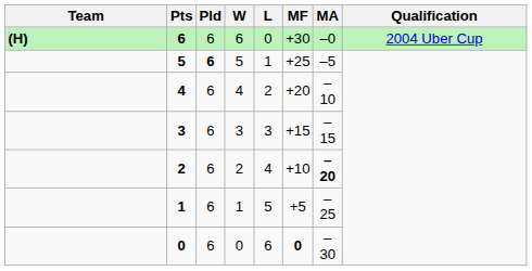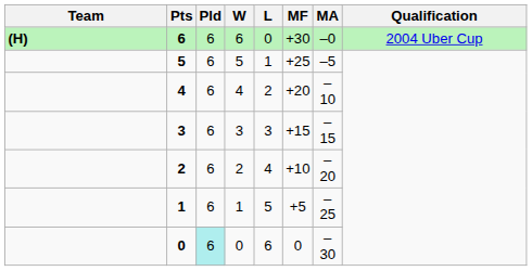 <table class="wikitable" style="text-align:center">
 <tr>
 <th width="175">Team</th>
 <th width="25">Pts</th>
 <th width="25">Pld</th>
 <th width="25">W</th>
 <th width="25">L</th>
 <th width="25">MF</th>
 <th width="25">MA</th>
 <th width="200">Qualification</th>
 </tr>
 <tr bgcolor="#bbf3bb">
 <td style="text-align:left"> <strong>(H)</strong></td>
 <td><strong>6</strong></td>
 <td>6</td>
 <td>6</td>
 <td>0</td>
 <td>+30</td>
 <td>–0</td>
 <td><a href='#'>2004 Uber Cup</a></td>
 </tr>
 <tr>
 <td style="text-align:left"></td>
 <td><strong>5</strong></td>
-<td><strong>6</strong></td>
+<td>6</td>
 <td>5</td>
 <td>1</td>
 <td>+25</td>
 <td>–5</td>
 </tr>
 <tr>
 <td style="text-align:left"></td>
 <td><strong>4</strong></td>
 <td>6</td>
 <td>4</td>
 <td>2</td>
 <td>+20</td>
 <td>–10</td>
 </tr>
 <tr>
 <td style="text-align:left"></td>
 <td><strong>3</strong></td>
 <td>6</td>
 <td>3</td>
 <td>3</td>
 <td>+15</td>
 <td>–15</td>
 </tr>
 <tr>
 <td style="text-align:left"></td>
 <td><strong>2</strong></td>
 <td>6</td>
 <td>2</td>
 <td>4</td>
 <td>+10</td>
-<td><strong>–20</strong></td>
+<td>–20</td>
 </tr>
 <tr>
 <td style="text-align:left"></td>
 <td><strong>1</strong></td>
 <td>6</td>
 <td>1</td>
 <td>5</td>
 <td>+5</td>
 <td>–25</td>
 </tr>
 <tr>
 <td style="text-align:left"></td>
 <td><strong>0</strong></td>
+<td style="background: paleturquoise;">6</td>
+<td>0</td>
 <td>6</td>
 <td>0</td>
-<td>6</td>
-<td><strong>0</strong></td>
 <td>–30</td>
 </tr>
 </table>
